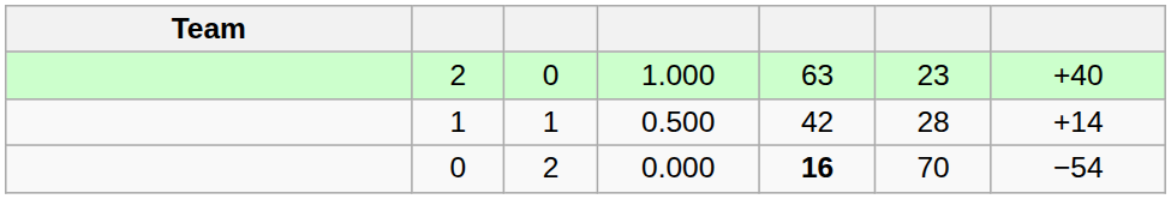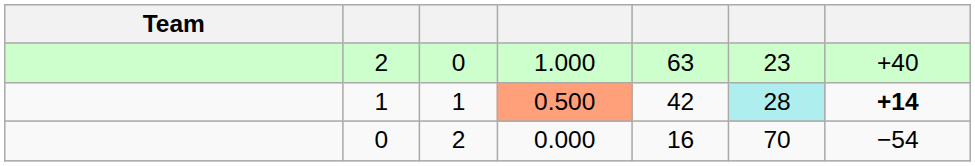 <table class="wikitable" style="text-align:center; width:50%">
 <tr>
 <th width="35%">Team</th>
 <th width="8%"></th>
 <th width="8%"></th>
 <th width="14%"></th>
 <th width="10%"></th>
 <th width="10%"></th>
 <th width="15%"></th>
 </tr>
 <tr style="background:#CCFFCC;">
 <td style="text-align:left;"></td>
 <td>2</td>
 <td>0</td>
 <td>1.000</td>
 <td>63</td>
 <td>23</td>
 <td>+40</td>
 </tr>
 <tr>
 <td style="text-align:left;"></td>
 <td>1</td>
 <td>1</td>
-<td>0.500</td>
+<td style="background: lightsalmon;">0.500</td>
 <td>42</td>
-<td>28</td>
-<td>+14</td>
+<td style="background: paleturquoise;">28</td>
+<td><strong>+14</strong></td>
 </tr>
 <tr>
 <td style="text-align:left;"></td>
 <td>0</td>
 <td>2</td>
 <td>0.000</td>
-<td><strong>16</strong></td>
+<td>16</td>
 <td>70</td>
 <td>−54</td>
 </tr>
 </table>
